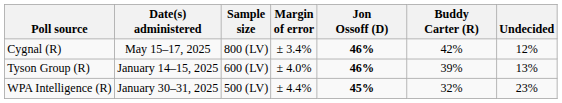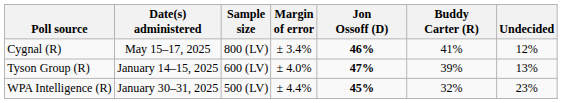 <table class="wikitable" style="font-size:90%;text-align:center;">
 <tr valign=bottom>
 <th>Poll source</th>
 <th>Date(s)<br>administered</th>
 <th>Sample<br>size</th>
 <th>Margin<br>of error</th>
 <th style="width:100px;">Jon<br>Ossoff (D)</th>
 <th style="width:100px;">Buddy<br>Carter (R)</th>
 <th>Undecided</th>
 </tr>
 <tr>
 <td style="text-align:left;">Cygnal (R)</td>
 <td>May 15–17, 2025</td>
 <td>800 (LV)</td>
 <td>± 3.4%</td>
 <td style="background-color:"><strong>46%</strong></td>
-<td>42%</td>
+<td>41%</td>
 <td>12%</td>
 </tr>
 <tr>
 <td style="text-align:left;">Tyson Group (R)</td>
 <td>January 14–15, 2025</td>
 <td>600 (LV)</td>
 <td>± 4.0%</td>
-<td style="background-color:"><strong>46%</strong></td>
+<td style="background-color:"><strong>47%</strong></td>
 <td>39%</td>
 <td>13%</td>
 </tr>
 <tr>
 <td style="text-align:left;">WPA Intelligence (R)</td>
 <td>January 30–31, 2025</td>
 <td>500 (LV)</td>
 <td>± 4.4%</td>
 <td style="background-color:"><strong>45%</strong></td>
 <td>32%</td>
 <td>23%</td>
 </tr>
 </table>
